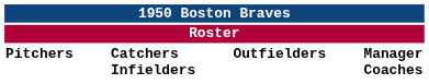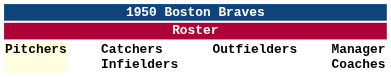 <table class="toccolours" style="font-size: 95%;">
 <tr>
 <th colspan="10" style="background-color: #0f437c; color: white; text-align: center;">1950 Boston Braves</th>
 </tr>
 <tr>
 <td colspan="10" style="background-color: #af0039; color: white; text-align: center;"><strong>Roster</strong></td>
 </tr>
 <tr>
-<td valign="top"><strong>Pitchers</strong><br>               </td>
+<td valign="top" style="background: lightyellow;"><strong>Pitchers</strong><br>               </td>
 <td width="25px"></td>
 <td valign="top"><strong>Catchers</strong><br>    <strong>Infielders</strong>        </td>
 <td width="25px"></td>
 <td valign="top"><strong>Outfielders</strong><br>      </td>
 <td width="25px"></td>
 <td valign="top"><strong>Manager</strong><br> <strong>Coaches</strong>    </td>
 </tr>
 </table>
